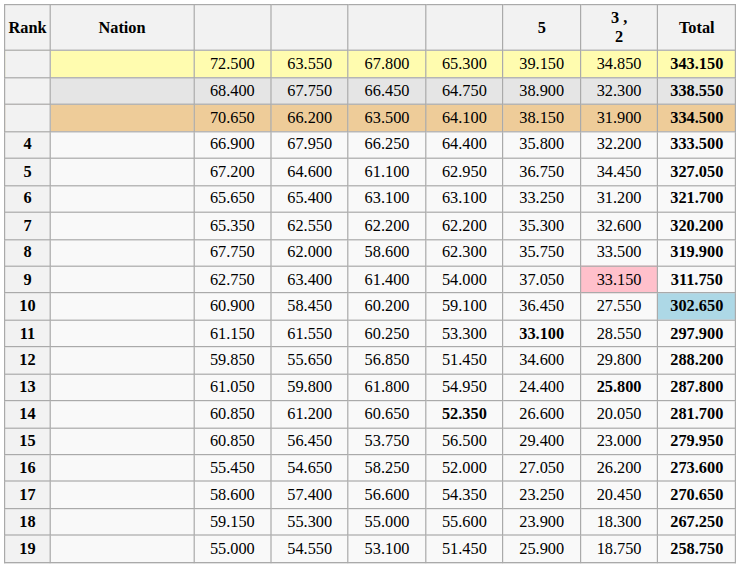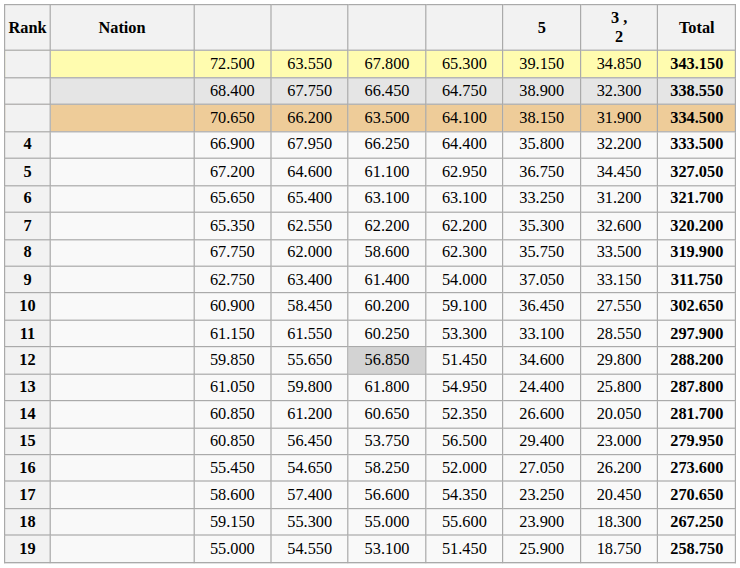 <table class="wikitable sortable" style="text-align:center; font-size:85%">
 <tr>
 <th scope="col" style="width:20px;">Rank</th>
 <th scope="col" style="width:120px;">Nation</th>
 <th scope="col" style="width:60px;"></th>
 <th scope="col" style="width:60px;"></th>
 <th scope="col" style="width:60px;"></th>
 <th scope="col" style="width:60px;"></th>
 <th scope="col" style="width:60px;">5 </th>
 <th scope="col" style="width:60px;">3 ,<br>2 </th>
 <th ! scope="col" style="width:60px;">Total</th>
 </tr>
 <tr bgcolor=fffcaf>
 <th scope=row></th>
 <td align=left></td>
 <td>72.500</td>
 <td>63.550</td>
 <td>67.800</td>
 <td>65.300</td>
 <td>39.150</td>
 <td>34.850</td>
 <td><strong>343.150</strong></td>
 </tr>
 <tr bgcolor=e5e5e5>
 <th scope=row></th>
 <td align=left></td>
 <td>68.400</td>
 <td>67.750</td>
 <td>66.450</td>
 <td>64.750</td>
 <td>38.900</td>
 <td>32.300</td>
 <td><strong>338.550</strong></td>
 </tr>
 <tr bgcolor=eecc99>
 <th scope=row></th>
 <td align=left></td>
 <td>70.650</td>
 <td>66.200</td>
 <td>63.500</td>
 <td>64.100</td>
 <td>38.150</td>
 <td>31.900</td>
 <td><strong>334.500</strong></td>
 </tr>
 <tr>
 <th scope=row>4</th>
 <td align=left></td>
 <td>66.900</td>
 <td>67.950</td>
 <td>66.250</td>
 <td>64.400</td>
 <td>35.800</td>
 <td>32.200</td>
 <td><strong>333.500</strong></td>
 </tr>
 <tr>
 <th scope=row>5</th>
 <td align=left></td>
 <td>67.200</td>
 <td>64.600</td>
 <td>61.100</td>
 <td>62.950</td>
 <td>36.750</td>
 <td>34.450</td>
 <td><strong>327.050</strong></td>
 </tr>
 <tr>
 <th scope=row>6</th>
 <td align=left></td>
 <td>65.650</td>
 <td>65.400</td>
 <td>63.100</td>
 <td>63.100</td>
 <td>33.250</td>
 <td>31.200</td>
 <td><strong>321.700</strong></td>
 </tr>
 <tr>
 <th scope=row>7</th>
 <td align=left></td>
 <td>65.350</td>
 <td>62.550</td>
 <td>62.200</td>
 <td>62.200</td>
 <td>35.300</td>
 <td>32.600</td>
 <td><strong>320.200</strong></td>
 </tr>
 <tr>
 <th scope=row>8</th>
 <td align=left></td>
 <td>67.750</td>
 <td>62.000</td>
 <td>58.600</td>
 <td>62.300</td>
 <td>35.750</td>
 <td>33.500</td>
 <td><strong>319.900</strong></td>
 </tr>
 <tr>
 <th scope=row>9</th>
 <td align=left></td>
 <td>62.750</td>
 <td>63.400</td>
 <td>61.400</td>
 <td>54.000</td>
 <td>37.050</td>
-<td style="background: pink;">33.150</td>
+<td>33.150</td>
 <td><strong>311.750</strong></td>
 </tr>
 <tr>
 <th scope=row>10</th>
 <td align=left></td>
 <td>60.900</td>
 <td>58.450</td>
 <td>60.200</td>
 <td>59.100</td>
 <td>36.450</td>
 <td>27.550</td>
-<td style="background: lightblue;"><strong>302.650</strong></td>
+<td><strong>302.650</strong></td>
 </tr>
 <tr>
 <th scope=row>11</th>
 <td align=left></td>
 <td>61.150</td>
 <td>61.550</td>
 <td>60.250</td>
 <td>53.300</td>
-<td><strong>33.100</strong></td>
+<td>33.100</td>
 <td>28.550</td>
 <td><strong>297.900</strong></td>
 </tr>
 <tr>
 <th scope=row>12</th>
 <td align=left></td>
 <td>59.850</td>
 <td>55.650</td>
-<td>56.850</td>
+<td style="background: lightgrey;">56.850</td>
 <td>51.450</td>
 <td>34.600</td>
 <td>29.800</td>
 <td><strong>288.200</strong></td>
 </tr>
 <tr>
 <th scope=row>13</th>
 <td align=left></td>
 <td>61.050</td>
 <td>59.800</td>
 <td>61.800</td>
 <td>54.950</td>
 <td>24.400</td>
-<td><strong>25.800</strong></td>
+<td>25.800</td>
 <td><strong>287.800</strong></td>
 </tr>
 <tr>
 <th scope=row>14</th>
 <td align=left></td>
 <td>60.850</td>
 <td>61.200</td>
 <td>60.650</td>
-<td><strong>52.350</strong></td>
+<td>52.350</td>
 <td>26.600</td>
 <td>20.050</td>
 <td><strong>281.700</strong></td>
 </tr>
 <tr>
 <th scope=row>15</th>
 <td align=left></td>
 <td>60.850</td>
 <td>56.450</td>
 <td>53.750</td>
 <td>56.500</td>
 <td>29.400</td>
 <td>23.000</td>
 <td><strong>279.950</strong></td>
 </tr>
 <tr>
 <th scope=row>16</th>
 <td align=left></td>
 <td>55.450</td>
 <td>54.650</td>
 <td>58.250</td>
 <td>52.000</td>
 <td>27.050</td>
 <td>26.200</td>
 <td><strong>273.600</strong></td>
 </tr>
 <tr>
 <th scope=row>17</th>
 <td align=left></td>
 <td>58.600</td>
 <td>57.400</td>
 <td>56.600</td>
 <td>54.350</td>
 <td>23.250</td>
 <td>20.450</td>
 <td><strong>270.650</strong></td>
 </tr>
 <tr>
 <th scope=row>18</th>
 <td align=left></td>
 <td>59.150</td>
 <td>55.300</td>
 <td>55.000</td>
 <td>55.600</td>
 <td>23.900</td>
 <td>18.300</td>
 <td><strong>267.250</strong></td>
 </tr>
 <tr>
 <th scope=row>19</th>
 <td align=left></td>
 <td>55.000</td>
 <td>54.550</td>
 <td>53.100</td>
 <td>51.450</td>
 <td>25.900</td>
 <td>18.750</td>
 <td><strong>258.750</strong></td>
 </tr>
 <tr>
 </tr>
 </table>
